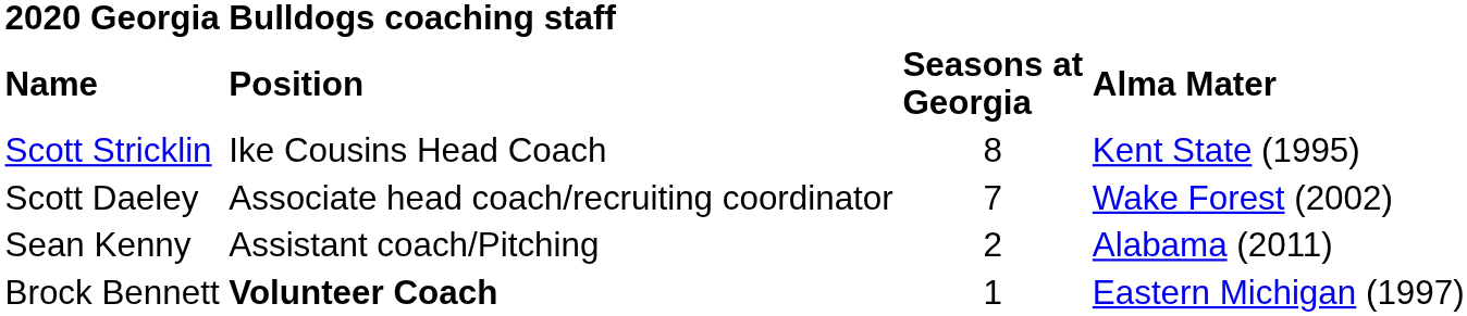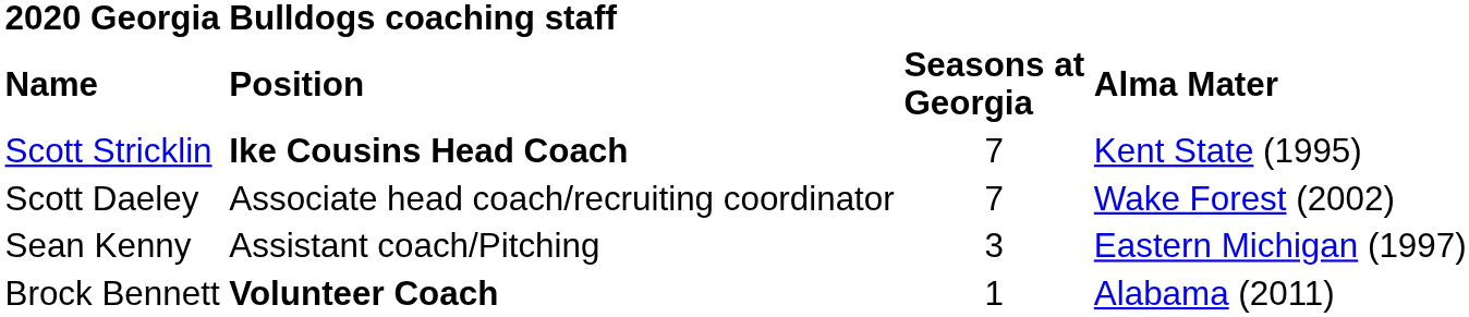 <table class="toccolours" style="text-align: left; font-size:90%;">
 <tr>
 <th colspan="9">2020 Georgia Bulldogs coaching staff</th>
 </tr>
 <tr>
 <th>Name</th>
 <th>Position</th>
 <th>Seasons at<br>Georgia</th>
 <th>Alma Mater</th>
 </tr>
 <tr>
 <td><a href='#'>Scott Stricklin</a></td>
-<td>Ike Cousins Head Coach</td>
-<td align=center>8</td>
+<td><strong>Ike Cousins Head Coach</strong></td>
+<td align=center>7</td>
 <td><a href='#'>Kent State</a> (1995)</td>
 </tr>
 <tr>
 <td>Scott Daeley</td>
 <td>Associate head coach/recruiting coordinator</td>
 <td align=center>7</td>
 <td><a href='#'>Wake Forest</a> (2002)</td>
 </tr>
 <tr>
 <td>Sean Kenny</td>
 <td>Assistant coach/Pitching</td>
-<td align=center>2</td>
-<td><a href='#'>Alabama</a> (2011)</td>
+<td align=center>3</td>
+<td><a href='#'>Eastern Michigan</a> (1997)</td>
 </tr>
 <tr>
 <td>Brock Bennett</td>
 <td><strong>Volunteer Coach</strong></td>
 <td align=center>1</td>
-<td><a href='#'>Eastern Michigan</a> (1997)</td>
+<td><a href='#'>Alabama</a> (2011)</td>
 </tr>
 </table>
